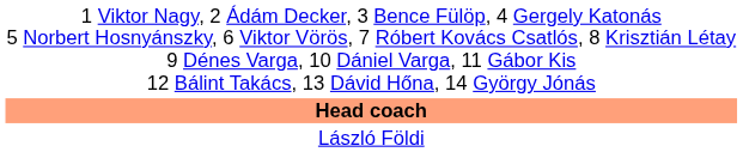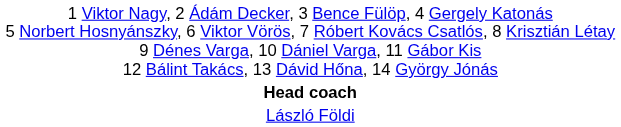 <table style="text-align: center; margin-top: 2em; margin-left: auto; margin-right: auto">
 <tr>
 <td>1 <a href='#'>Viktor Nagy</a>, 2 <a href='#'>Ádám Decker</a>, 3 <a href='#'>Bence Fülöp</a>, 4 <a href='#'>Gergely Katonás</a><br>5 <a href='#'>Norbert Hosnyánszky</a>, 6 <a href='#'>Viktor Vörös</a>, 7 <a href='#'>Róbert Kovács Csatlós</a>, 8 <a href='#'>Krisztián Létay</a><br>9 <a href='#'>Dénes Varga</a>, 10 <a href='#'>Dániel Varga</a>, 11 <a href='#'>Gábor Kis</a><br>12 <a href='#'>Bálint Takács</a>, 13 <a href='#'>Dávid Hőna</a>, 14 <a href='#'>György Jónás</a></td>
 </tr>
 <tr>
-<td style="background: lightsalmon;"><strong>Head coach</strong></td>
+<td><strong>Head coach</strong></td>
 </tr>
 <tr>
 <td><a href='#'>László Földi</a></td>
 </tr>
 </table>
